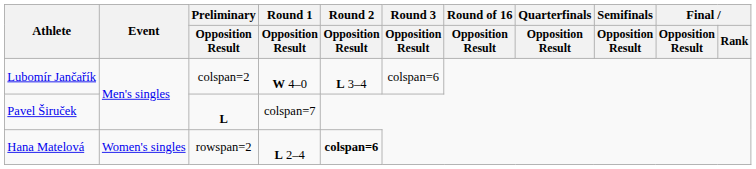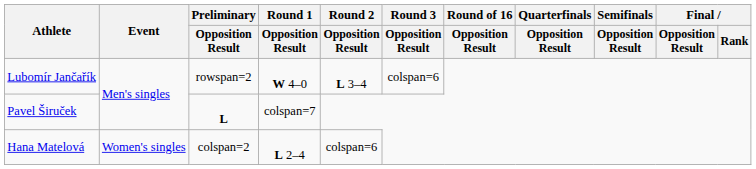 <table class="wikitable" style="font-size:90%;">
 <tr>
 <th rowspan=2>Athlete</th>
 <th rowspan=2>Event</th>
 <th>Preliminary</th>
 <th>Round 1</th>
 <th>Round 2</th>
 <th>Round 3</th>
 <th>Round of 16</th>
 <th>Quarterfinals</th>
 <th>Semifinals</th>
 <th colspan=2>Final / </th>
 </tr>
 <tr style="font-size:95%">
 <th>Opposition<br>Result</th>
 <th>Opposition<br>Result</th>
 <th>Opposition<br>Result</th>
 <th>Opposition<br>Result</th>
 <th>Opposition<br>Result</th>
 <th>Opposition<br>Result</th>
 <th>Opposition<br>Result</th>
 <th>Opposition<br>Result</th>
 <th>Rank</th>
 </tr>
 <tr align=center>
 <td align=left><a href='#'>Lubomír Jančařík</a></td>
 <td align=left rowspan=2><a href='#'>Men's singles</a></td>
-<td>colspan=2 </td>
+<td>rowspan=2 </td>
 <td><br><strong>W</strong> 4–0</td>
 <td><br><strong>L</strong> 3–4</td>
 <td>colspan=6 </td>
 </tr>
 <tr align=center>
 <td align=left><a href='#'>Pavel Širuček</a></td>
 <td><br><strong>L</strong> </td>
 <td>colspan=7 </td>
 </tr>
 <tr align=center>
 <td align=left><a href='#'>Hana Matelová</a></td>
 <td align=left><a href='#'>Women's singles</a></td>
-<td>rowspan=2 </td>
+<td>colspan=2 </td>
 <td><br><strong>L</strong> 2–4</td>
-<td><strong>colspan=6 </strong></td>
+<td>colspan=6 </td>
 </tr>
 </table>
